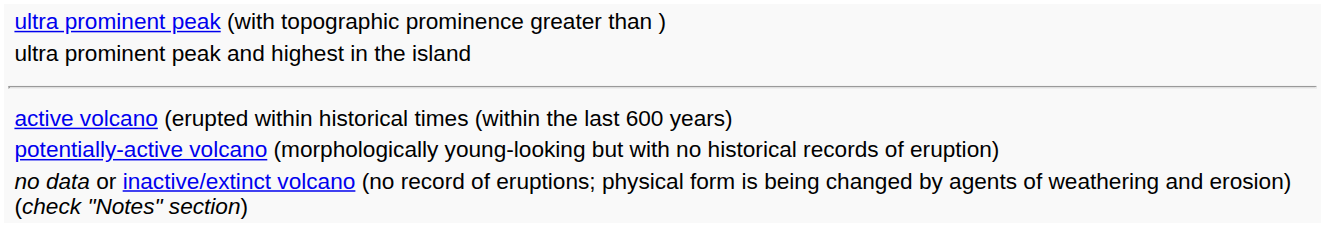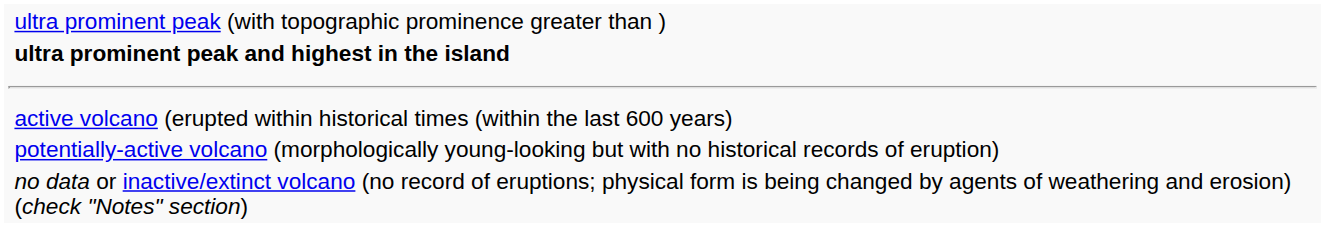 <table class="toccolours" style="font-size:95%;background-color:#F9F9F9;">
 <tr>
 <td style="border-right:0;"></td>
 <td style="border-left:0;"><a href='#'>ultra prominent peak</a> (with topographic prominence greater than )</td>
 </tr>
 <tr>
 <td style="border-right:0;"></td>
-<td style="border-left:0;">ultra prominent peak and highest in the island</td>
+<td style="border-left:0;"><strong>ultra prominent peak and highest in the island</strong></td>
 </tr>
 <tr>
 </tr>
 <tr>
 <td colspan="2"><hr></td>
 </tr>
 <tr>
 <td style="border-right:0;"></td>
 <td style="border-left:0;"><a href='#'>active volcano</a> (erupted within historical times (within the last 600 years)</td>
 </tr>
 <tr>
 <td style="border-right:0;"></td>
 <td style="border-left:0;"><a href='#'>potentially-active volcano</a> (morphologically young-looking but with no historical records of eruption)</td>
 </tr>
 <tr>
 <td style="border-right:0;"></td>
 <td style="border-left:0;"><em>no data</em> or <a href='#'>inactive/extinct volcano</a> (no record of eruptions; physical form is being changed by agents of weathering and erosion) (<em>check "Notes" section</em>)</td>
 </tr>
 </table>
